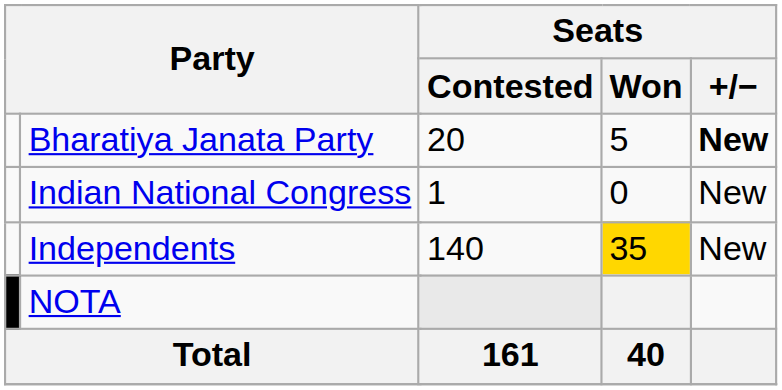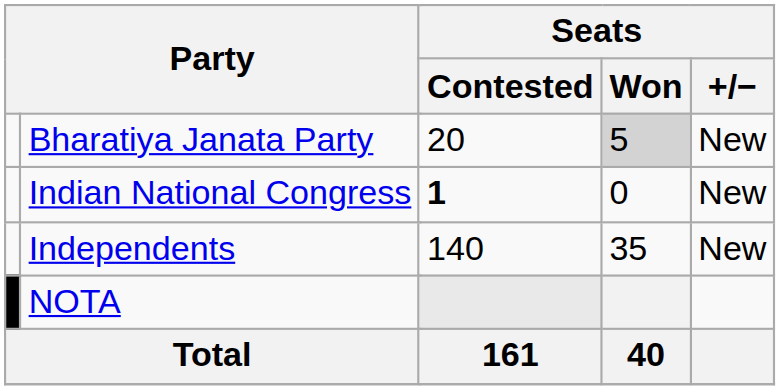 <table class="wikitable">
 <tr>
 <th colspan="4" rowspan="2">Party</th>
 <th colspan="3">Seats</th>
 </tr>
 <tr>
 <th>Contested</th>
 <th>Won</th>
 <th><strong>+/−</strong></th>
 </tr>
 <tr>
 <td></td>
 <td colspan="3"><a href='#'>Bharatiya Janata Party</a></td>
 <td>20</td>
-<td>5</td>
-<td><strong>New</strong></td>
+<td style="background: lightgrey;">5</td>
+<td>New</td>
 </tr>
 <tr>
 <td></td>
 <td colspan="3"><a href='#'>Indian National Congress</a></td>
-<td>1</td>
+<td><strong>1</strong></td>
 <td>0</td>
 <td>New</td>
 </tr>
 <tr>
 <td></td>
 <td colspan="3"><a href='#'>Independents</a></td>
 <td>140</td>
-<td style="background: gold;">35</td>
+<td>35</td>
 <td>New</td>
 </tr>
 <tr>
 <td style="background:Black; color:White"></td>
 <td colspan="3"><a href='#'>NOTA</a></td>
 <th style="background-color:#E9E9E9"></th>
 <th></th>
 <td></td>
 </tr>
 <tr>
 <th colspan="4">Total</th>
 <th>161</th>
 <th>40</th>
 <th></th>
 </tr>
 <tr>
 </tr>
 </table>
